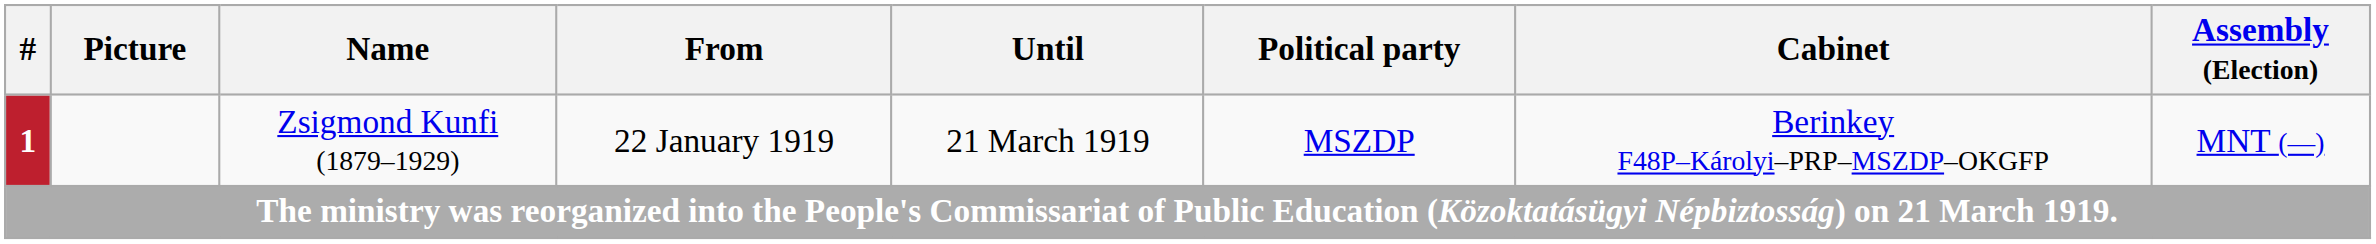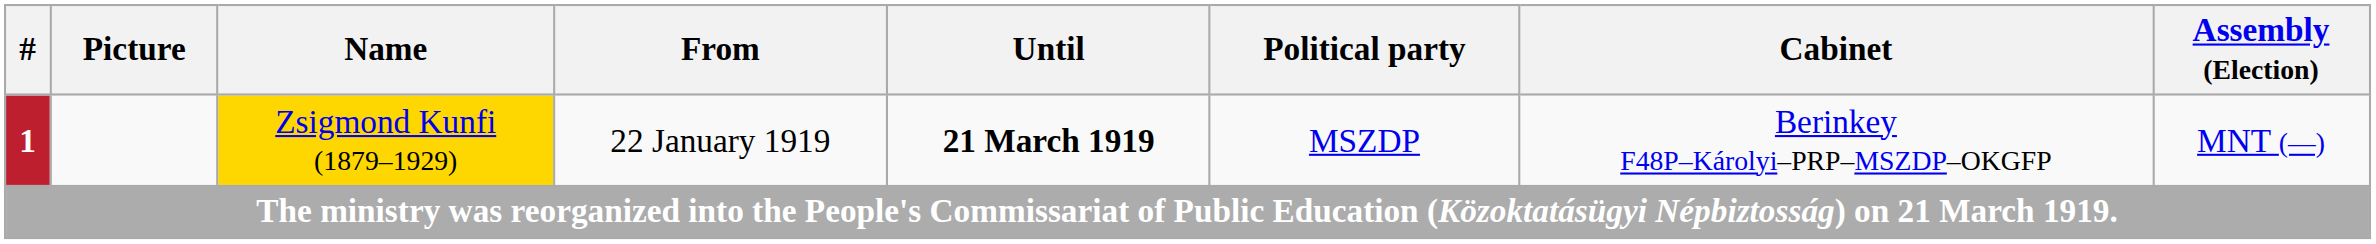 <table width=90% class="wikitable" style="text-align:center">
 <tr>
 <th>#</th>
 <th>Picture</th>
 <th>Name</th>
 <th>From</th>
 <th>Until</th>
 <th>Political party</th>
 <th>Cabinet</th>
 <th><a href='#'>Assembly</a><br><small>(Election)</small></th>
 </tr>
 <tr>
 <th style="background-color:#BE1F2E; color:white">1</th>
 <td></td>
-<td><a href='#'>Zsigmond Kunfi</a><br><small>(1879–1929)</small></td>
+<td style="background: gold;"><a href='#'>Zsigmond Kunfi</a><br><small>(1879–1929)</small></td>
 <td>22 January 1919</td>
-<td>21 March 1919</td>
+<td><strong>21 March 1919</strong></td>
 <td><a href='#'>MSZDP</a></td>
 <td><a href='#'>Berinkey</a><br><small><a href='#'>F48P–Károlyi</a>–PRP–<a href='#'>MSZDP</a>–OKGFP</small></td>
 <td><a href='#'>MNT <small>(—)</small></a></td>
 </tr>
 <tr>
 <th colspan="8" style="background-color:#ACACAC; color:white">The ministry was reorganized into the People's Commissariat of Public Education (<em>Közoktatásügyi Népbiztosság</em>) on 21 March 1919.</th>
 </tr>
 <tr>
 </tr>
 </table>
